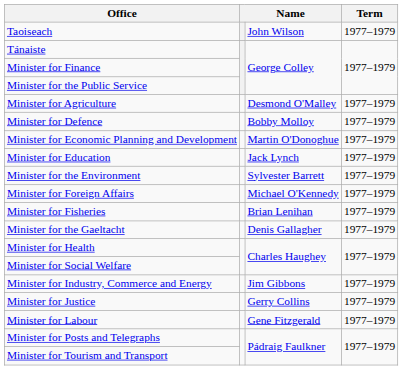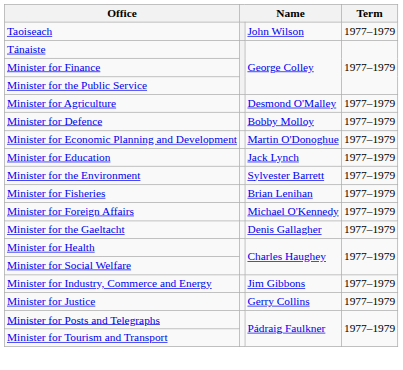 <table class="wikitable">
 <tr>
 <th>Office</th>
 <th colspan="2">Name</th>
 <th>Term</th>
 </tr>
 <tr>
 <td><a href='#'>Taoiseach</a></td>
 <th style="background-color: "></th>
 <td><a href='#'>John Wilson</a></td>
 <td>1977–1979</td>
 </tr>
 <tr>
 <td><a href='#'>Tánaiste</a></td>
 <th rowspan=3 style="background-color: "></th>
 <td rowspan=3><a href='#'>George Colley</a></td>
 <td rowspan=3>1977–1979</td>
 </tr>
 <tr>
 <td><a href='#'>Minister for Finance</a></td>
 </tr>
 <tr>
 <td><a href='#'>Minister for the Public Service</a></td>
 </tr>
 <tr>
 <td><a href='#'>Minister for Agriculture</a></td>
 <td style="background-color: "></td>
 <td><a href='#'>Desmond O'Malley</a></td>
 <td>1977–1979</td>
 </tr>
 <tr>
 <td><a href='#'>Minister for Defence</a></td>
 <td style="background-color: "></td>
 <td><a href='#'>Bobby Molloy</a></td>
 <td>1977–1979</td>
 </tr>
 <tr>
 <td><a href='#'>Minister for Economic Planning and Development</a></td>
 <td style="background-color: "></td>
 <td><a href='#'>Martin O'Donoghue</a></td>
 <td>1977–1979</td>
 </tr>
 <tr>
 <td><a href='#'>Minister for Education</a></td>
 <td style="background-color: "></td>
 <td><a href='#'>Jack Lynch</a></td>
 <td>1977–1979</td>
 </tr>
 <tr>
 <td><a href='#'>Minister for the Environment</a></td>
 <td style="background-color: "></td>
 <td><a href='#'>Sylvester Barrett</a></td>
 <td>1977–1979</td>
 </tr>
 <tr>
+<td><a href='#'>Minister for Fisheries</a></td>
+<td style="background-color: "></td>
+<td><a href='#'>Brian Lenihan</a></td>
+<td>1977–1979</td>
+</tr>
+<tr>
 <td><a href='#'>Minister for Foreign Affairs</a></td>
 <td style="background-color: "></td>
 <td><a href='#'>Michael O'Kennedy</a></td>
-<td>1977–1979</td>
-</tr>
-<tr>
-<td><a href='#'>Minister for Fisheries</a></td>
-<td style="background-color: "></td>
-<td><a href='#'>Brian Lenihan</a></td>
 <td>1977–1979</td>
 </tr>
 <tr>
 <td><a href='#'>Minister for the Gaeltacht</a></td>
 <td style="background-color: "></td>
 <td><a href='#'>Denis Gallagher</a></td>
 <td>1977–1979</td>
 </tr>
 <tr>
 <td><a href='#'>Minister for Health</a></td>
 <td rowspan=2 style="background-color: "></td>
 <td rowspan=2><a href='#'>Charles Haughey</a></td>
 <td rowspan=2>1977–1979</td>
 </tr>
 <tr>
 <td><a href='#'>Minister for Social Welfare</a></td>
 </tr>
 <tr>
 <td><a href='#'>Minister for Industry, Commerce and Energy</a></td>
 <td style="background-color: "></td>
 <td><a href='#'>Jim Gibbons</a></td>
 <td>1977–1979</td>
 </tr>
 <tr>
 <td><a href='#'>Minister for Justice</a></td>
 <td style="background-color: "></td>
 <td><a href='#'>Gerry Collins</a></td>
 <td>1977–1979</td>
 </tr>
 <tr>
-<td><a href='#'>Minister for Labour</a></td>
-<td style="background-color: "></td>
-<td><a href='#'>Gene Fitzgerald</a></td>
-<td>1977–1979</td>
-</tr>
-<tr>
 <td><a href='#'>Minister for Posts and Telegraphs</a></td>
 <td rowspan=2 style="background-color: "></td>
 <td rowspan=2><a href='#'>Pádraig Faulkner</a></td>
 <td rowspan=2>1977–1979</td>
 </tr>
 <tr>
 <td><a href='#'>Minister for Tourism and Transport</a></td>
 </tr>
 </table>
